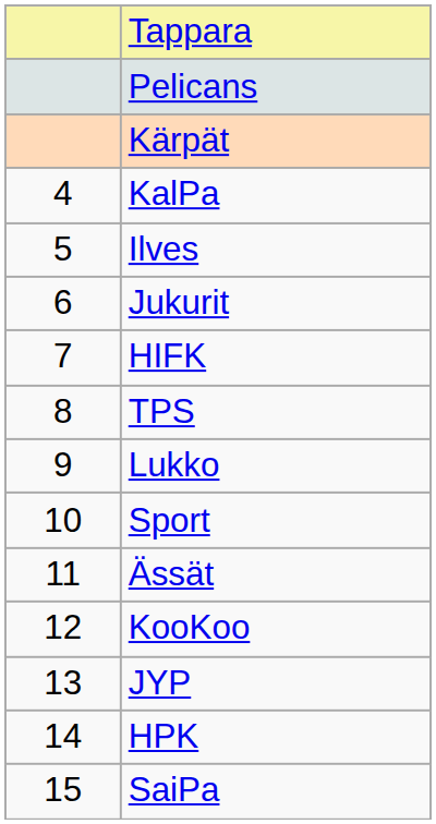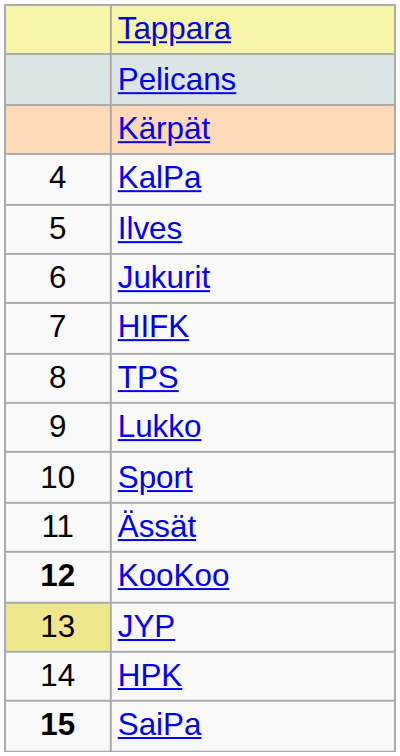 <table class="wikitable" style="width:200px;">
 <tr style="background:#F7F6A8;">
 <td align=center></td>
 <td><a href='#'>Tappara</a></td>
 </tr>
 <tr style="background:#DCE5E5;">
 <td align=center></td>
 <td><a href='#'>Pelicans</a></td>
 </tr>
 <tr style="background:#FFDAB9;">
 <td align=center></td>
 <td><a href='#'>Kärpät</a></td>
 </tr>
 <tr>
 <td align=center>4</td>
 <td><a href='#'>KalPa</a></td>
 </tr>
 <tr>
 <td align=center>5</td>
 <td><a href='#'>Ilves</a></td>
 </tr>
 <tr>
 <td align=center>6</td>
 <td><a href='#'>Jukurit</a></td>
 </tr>
 <tr>
 <td align=center>7</td>
 <td><a href='#'>HIFK</a></td>
 </tr>
 <tr>
 <td align=center>8</td>
 <td><a href='#'>TPS</a></td>
 </tr>
 <tr>
 <td align=center>9</td>
 <td><a href='#'>Lukko</a></td>
 </tr>
 <tr>
 <td align=center>10</td>
 <td><a href='#'>Sport</a></td>
 </tr>
 <tr>
 <td align=center>11</td>
 <td><a href='#'>Ässät</a></td>
 </tr>
 <tr>
-<td align=center>12</td>
+<td align=center><strong>12</strong></td>
 <td><a href='#'>KooKoo</a></td>
 </tr>
 <tr>
-<td align=center>13</td>
+<td align=center style="background: khaki;">13</td>
 <td><a href='#'>JYP</a></td>
 </tr>
 <tr>
 <td align=center>14</td>
 <td><a href='#'>HPK</a></td>
 </tr>
 <tr>
-<td align=center>15</td>
+<td align=center><strong>15</strong></td>
 <td><a href='#'>SaiPa</a></td>
 </tr>
 </table>
